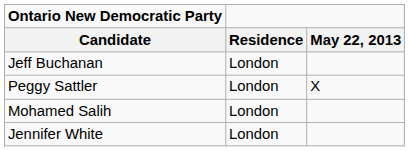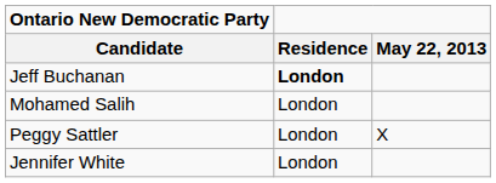 <table class="wikitable">
 <tr>
 <td style="text-align:center; background:"><strong>Ontario New Democratic Party</strong></td>
 </tr>
 <tr>
 <th align="left">Candidate</th>
 <th style="text-align:center;">Residence</th>
 <th align="left">May 22, 2013</th>
 </tr>
 <tr>
 <td>Jeff Buchanan</td>
+<td><strong>London</strong></td>
+<td></td>
+</tr>
+<tr>
+<td>Mohamed Salih</td>
 <td>London</td>
 <td></td>
 </tr>
 <tr>
 <td>Peggy Sattler</td>
 <td>London</td>
 <td>X</td>
 </tr>
 <tr>
-<td>Mohamed Salih</td>
-<td>London</td>
-<td></td>
-</tr>
-<tr>
 <td>Jennifer White</td>
 <td>London</td>
 <td></td>
 </tr>
 </table>
